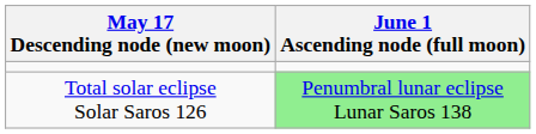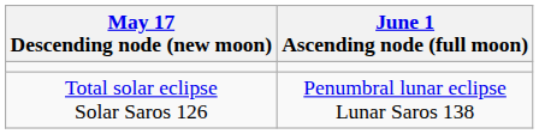 <table class="wikitable">
 <tr>
 <th><a href='#'>May 17</a><br>Descending node (new moon)<br></th>
 <th><a href='#'>June 1</a><br>Ascending node (full moon)<br></th>
 </tr>
 <tr>
 <td></td>
 <td></td>
 </tr>
 <tr align=center>
 <td><a href='#'>Total solar eclipse</a><br>Solar Saros 126</td>
-<td style="background: lightgreen;"><a href='#'>Penumbral lunar eclipse</a><br>Lunar Saros 138</td>
+<td><a href='#'>Penumbral lunar eclipse</a><br>Lunar Saros 138</td>
 </tr>
 </table>
